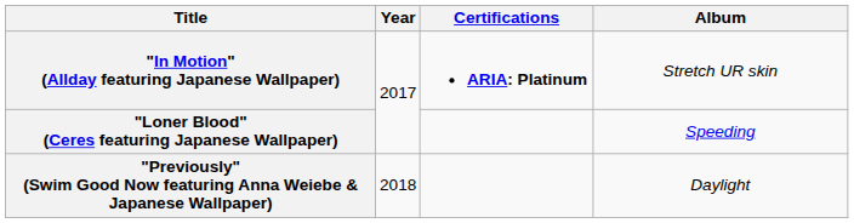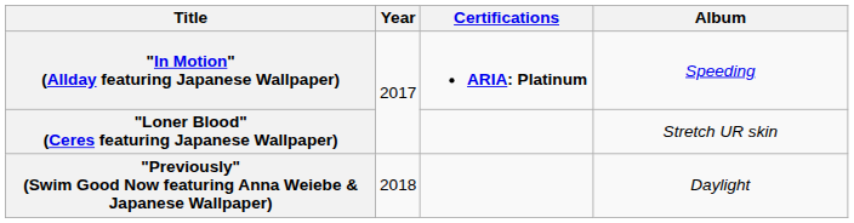 <table class="wikitable plainrowheaders" style="text-align:center;">
 <tr>
 <th scope="col" rowspan="1" style="width:22em;">Title</th>
 <th scope="col" rowspan="1" style="width:1em;">Year</th>
 <th scope="col" rowspan="1" style="width:10em;"><a href='#'>Certifications</a></th>
 <th scope="col" rowspan="1" style="width:15em;">Album</th>
 </tr>
 <tr>
 <th scope="row">"<a href='#'>In Motion</a>"<br><span>(<a href='#'>Allday</a> featuring Japanese Wallpaper)</span></th>
 <td rowspan="2">2017</td>
 <td><strong><br><ul><li><a href='#'>ARIA</a>: Platinum</li></ul></strong></td>
-<td><em>Stretch UR skin</em></td>
+<td><em><a href='#'>Speeding</a></em></td>
 </tr>
 <tr>
 <th scope="row">"Loner Blood"<br><span>(<a href='#'>Ceres</a> featuring Japanese Wallpaper)</span></th>
 <td></td>
-<td><em><a href='#'>Speeding</a></em></td>
+<td><em>Stretch UR skin</em></td>
 </tr>
 <tr>
 <th scope="row">"Previously"<br><span>(Swim Good Now featuring Anna Weiebe & Japanese Wallpaper)</span></th>
 <td>2018</td>
 <td></td>
 <td><em>Daylight</em></td>
 </tr>
 </table>
